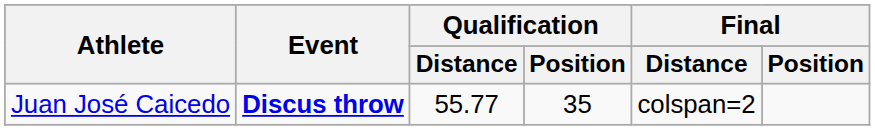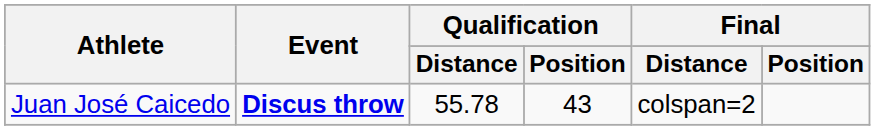 <table class=wikitable style=font-size:90%>
 <tr>
 <th rowspan=2>Athlete</th>
 <th rowspan=2>Event</th>
 <th colspan=2>Qualification</th>
 <th colspan=2>Final</th>
 </tr>
 <tr style=font-size:95%>
 <th>Distance</th>
 <th>Position</th>
 <th>Distance</th>
 <th>Position</th>
 </tr>
 <tr align=center>
 <td align=left><a href='#'>Juan José Caicedo</a></td>
 <td align=left><strong><a href='#'>Discus throw</a></strong></td>
-<td>55.77</td>
-<td>35</td>
+<td>55.78</td>
+<td>43</td>
 <td>colspan=2 </td>
 </tr>
 </table>
